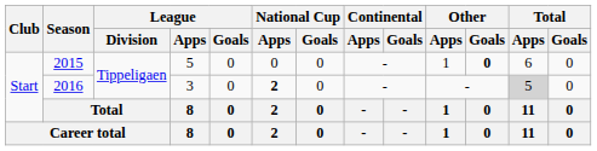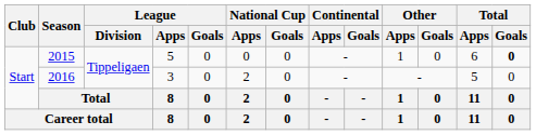 <table class="wikitable" style="text-align: center;">
 <tr>
 <th rowspan="2">Club</th>
 <th rowspan="2">Season</th>
 <th colspan="3">League</th>
 <th colspan="2">National Cup</th>
 <th colspan="2">Continental</th>
 <th colspan="2">Other</th>
 <th colspan="2">Total</th>
 </tr>
 <tr>
 <th>Division</th>
 <th>Apps</th>
 <th>Goals</th>
 <th>Apps</th>
 <th>Goals</th>
 <th>Apps</th>
 <th>Goals</th>
 <th>Apps</th>
 <th>Goals</th>
 <th>Apps</th>
 <th>Goals</th>
 </tr>
 <tr>
 <td rowspan="3" valign="center"><a href='#'>Start</a></td>
 <td><a href='#'>2015</a></td>
 <td rowspan="2" valign="center"><a href='#'>Tippeligaen</a></td>
 <td>5</td>
 <td>0</td>
 <td>0</td>
 <td>0</td>
 <td colspan="2">-</td>
 <td>1</td>
+<td>0</td>
+<td>6</td>
 <td><strong>0</strong></td>
-<td>6</td>
-<td>0</td>
 </tr>
 <tr>
 <td><a href='#'>2016</a></td>
 <td>3</td>
 <td>0</td>
-<td><strong>2</strong></td>
+<td>2</td>
 <td>0</td>
 <td colspan="2">-</td>
 <td colspan="2">-</td>
-<td style="background: lightgrey;">5</td>
+<td>5</td>
 <td>0</td>
 </tr>
 <tr>
 <th colspan="2">Total</th>
 <th>8</th>
 <th>0</th>
 <th>2</th>
 <th>0</th>
 <th>-</th>
 <th>-</th>
 <th>1</th>
 <th>0</th>
 <th>11</th>
 <th>0</th>
 </tr>
 <tr>
 <th colspan="3">Career total</th>
 <th>8</th>
 <th>0</th>
 <th>2</th>
 <th>0</th>
 <th>-</th>
 <th>-</th>
 <th>1</th>
 <th>0</th>
 <th>11</th>
 <th>0</th>
 </tr>
 </table>
